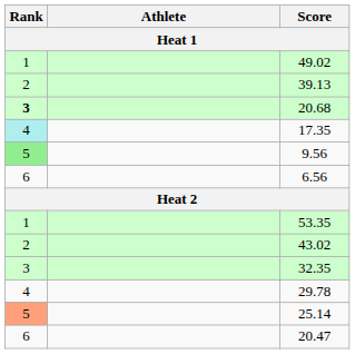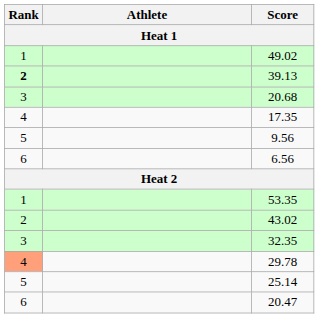 <table class=wikitable style="text-align:center">
 <tr>
 <th width=40>Rank</th>
 <th width=250>Athlete</th>
 <th width=70>Score</th>
 </tr>
 <tr>
 <th colspan=3>Heat 1</th>
 </tr>
 <tr bgcolor="ccffcc">
 <td>1</td>
 <td align=left></td>
 <td>49.02</td>
 </tr>
 <tr bgcolor="ccffcc">
-<td>2</td>
+<td><strong>2</strong></td>
 <td align=left></td>
 <td>39.13</td>
 </tr>
 <tr bgcolor="ccffcc">
-<td><strong>3</strong></td>
+<td>3</td>
 <td align=left></td>
 <td>20.68</td>
 </tr>
 <tr>
-<td style="background: paleturquoise;">4</td>
+<td>4</td>
 <td align=left></td>
 <td>17.35</td>
 </tr>
 <tr>
-<td style="background: lightgreen;">5</td>
+<td>5</td>
 <td align=left></td>
 <td>9.56</td>
 </tr>
 <tr>
 <td>6</td>
 <td align=left></td>
 <td>6.56</td>
 </tr>
 <tr>
 <th colspan=3>Heat 2</th>
 </tr>
 <tr bgcolor="ccffcc">
 <td>1</td>
 <td align=left></td>
 <td>53.35</td>
 </tr>
 <tr bgcolor="ccffcc">
 <td>2</td>
 <td align=left></td>
 <td>43.02</td>
 </tr>
 <tr bgcolor="ccffcc">
 <td>3</td>
 <td align=left></td>
 <td>32.35</td>
 </tr>
 <tr>
-<td>4</td>
+<td style="background: lightsalmon;">4</td>
 <td align=left></td>
 <td>29.78</td>
 </tr>
 <tr>
-<td style="background: lightsalmon;">5</td>
+<td>5</td>
 <td align=left></td>
 <td>25.14</td>
 </tr>
 <tr>
 <td>6</td>
 <td align=left></td>
 <td>20.47</td>
 </tr>
 </table>
